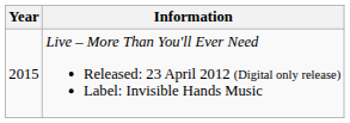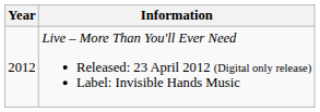 <table class="wikitable" style=text-align:center;>
 <tr>
 <th>Year</th>
 <th>Information</th>
 </tr>
 <tr>
-<td>2015</td>
+<td>2012</td>
 <td align="left"><em>Live – More Than You'll Ever Need</em><br><ul><li>Released: 23 April 2012 <small>(Digital only release)</small></li><li>Label: Invisible Hands Music</li></ul></td>
 </tr>
 </table>
